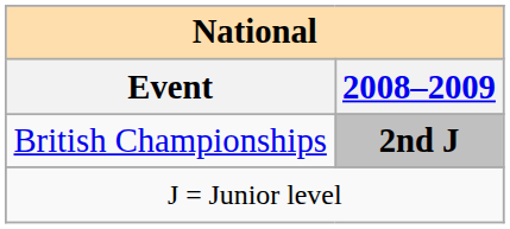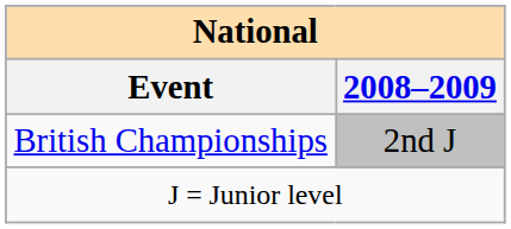 <table class="wikitable" style="text-align:center">
 <tr>
 <th style="background-color: #ffdead; " colspan=4 align=center>National</th>
 </tr>
 <tr>
 <th>Event</th>
 <th><a href='#'>2008–2009</a></th>
 </tr>
 <tr>
 <td align=left><a href='#'>British Championships</a></td>
-<td bgcolor=silver><strong>2nd J</strong></td>
+<td bgcolor=silver>2nd J</td>
 </tr>
 <tr>
 <td colspan=2 align=center><small> J = Junior level </small></td>
 </tr>
 </table>
